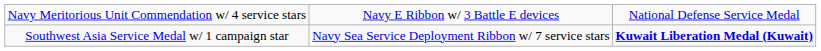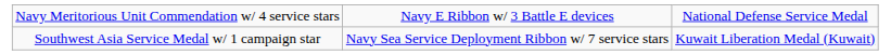 <table class="wikitable" style="margin:1em auto; text-align:center;">
 <tr>
 <td><a href='#'>Navy Meritorious Unit Commendation</a> w/ 4 service stars</td>
 <td><a href='#'>Navy E Ribbon</a> w/ <a href='#'>3 Battle E devices</a></td>
 <td><a href='#'>National Defense Service Medal</a></td>
 </tr>
 <tr>
 <td><a href='#'>Southwest Asia Service Medal</a> w/ 1 campaign star</td>
 <td><a href='#'>Navy Sea Service Deployment Ribbon</a> w/ 7 service stars</td>
-<td><strong><a href='#'>Kuwait Liberation Medal (Kuwait)</a></strong></td>
+<td><a href='#'>Kuwait Liberation Medal (Kuwait)</a></td>
 </tr>
 </table>
